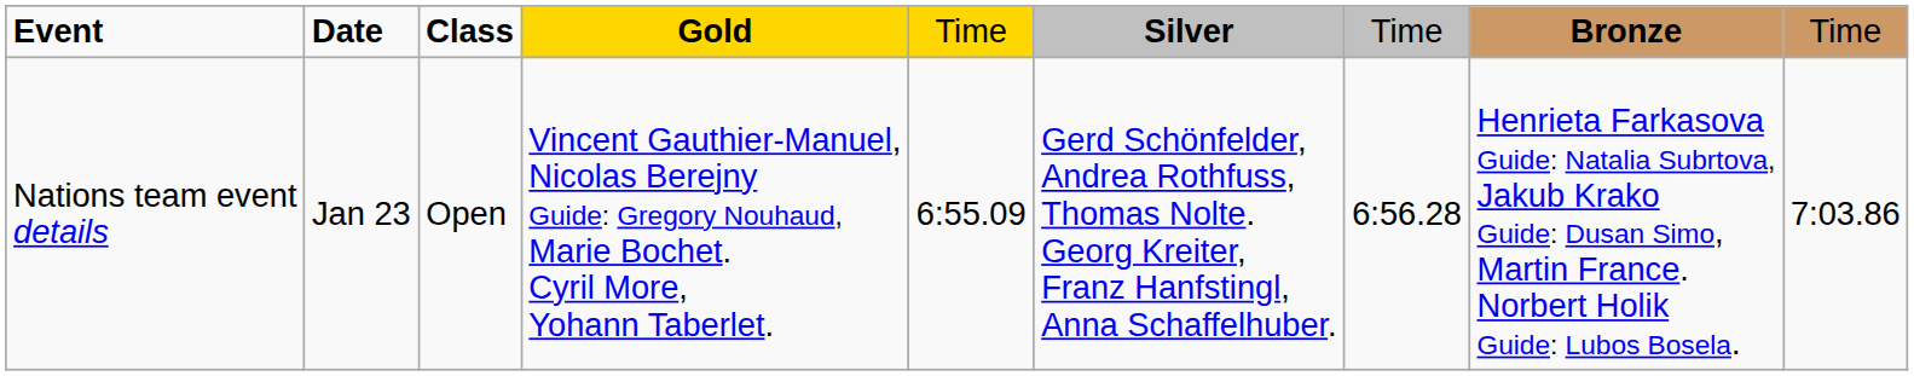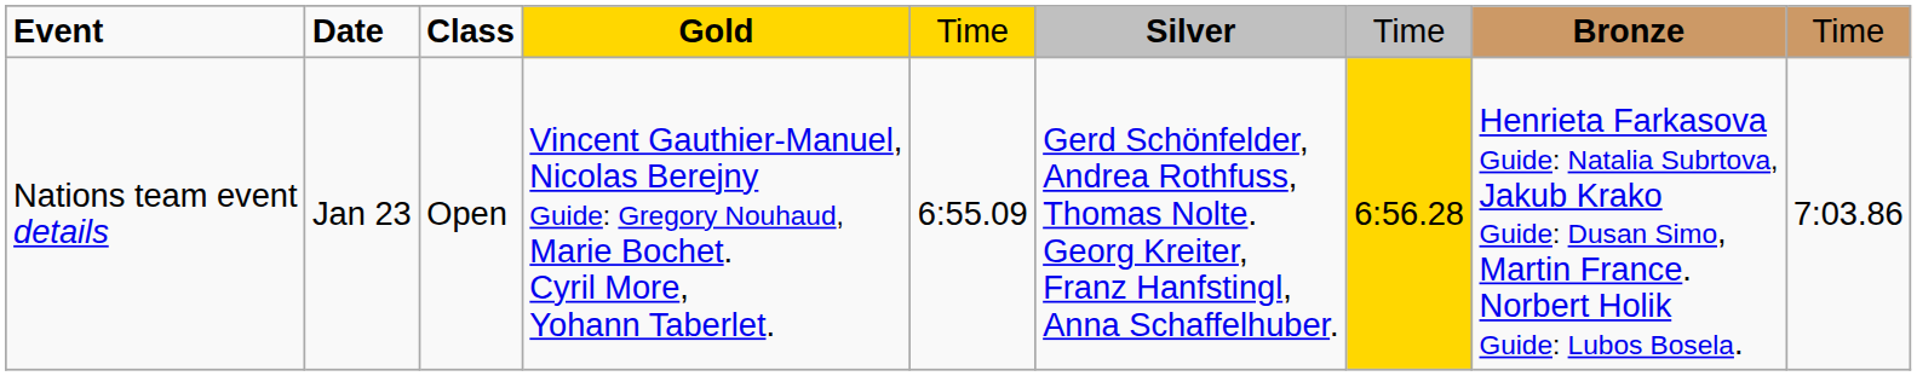 <table class="wikitable">
 <tr>
 <td><strong>Event</strong></td>
 <td><strong>Date</strong></td>
 <td><strong>Class</strong></td>
 <td style="text-align:center;background-color:gold;"><strong>Gold</strong></td>
 <td style="text-align:center;background-color:gold;">Time</td>
 <td style="text-align:center;background-color:silver;"><strong>Silver</strong></td>
 <td style="text-align:center;background-color:silver;">Time</td>
 <td style="text-align:center;background-color:#CC9966;"><strong>Bronze</strong></td>
 <td style="text-align:center;background-color:#CC9966;">Time</td>
 </tr>
 <tr>
 <td>Nations team event<br><a href='#'><em>details</em></a></td>
 <td>Jan 23</td>
 <td>Open</td>
 <td><small></small><br><a href='#'>Vincent Gauthier-Manuel</a>,<br><a href='#'>Nicolas Berejny</a><br><small><a href='#'>Guide</a>: <a href='#'>Gregory Nouhaud</a>,</small><br><a href='#'>Marie Bochet</a>.<br><a href='#'>Cyril More</a>,<br><a href='#'>Yohann Taberlet</a>.</td>
 <td>6:55.09</td>
 <td><small></small><br><a href='#'>Gerd Schönfelder</a>,<br><a href='#'>Andrea Rothfuss</a>,<br><a href='#'>Thomas Nolte</a>.<br><a href='#'>Georg Kreiter</a>,<br><a href='#'>Franz Hanfstingl</a>,<br><a href='#'>Anna Schaffelhuber</a>.</td>
-<td>6:56.28</td>
+<td style="background: gold;">6:56.28</td>
 <td><small></small><br><a href='#'>Henrieta Farkasova</a><br><small><a href='#'>Guide</a>: <a href='#'>Natalia Subrtova</a>,</small><br><a href='#'>Jakub Krako</a><br><small><a href='#'>Guide</a>: <a href='#'>Dusan Simo</a></small>,<br><a href='#'>Martin France</a>.<br><a href='#'>Norbert Holik</a><br><small><a href='#'>Guide</a>: <a href='#'>Lubos Bosela</a></small>.<br></td>
 <td>7:03.86</td>
 </tr>
 </table>
